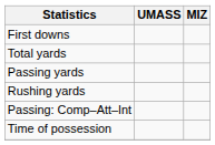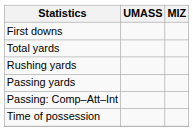 <table class="wikitable" style="float: left;">
 <tr>
 <th>Statistics</th>
 <th>UMASS</th>
 <th>MIZ</th>
 </tr>
 <tr>
 <td>First downs</td>
 <td></td>
 <td></td>
 </tr>
 <tr>
 <td>Total yards</td>
 <td></td>
 <td></td>
 </tr>
 <tr>
-<td>Passing yards</td>
+<td>Rushing yards</td>
 <td></td>
 <td></td>
 </tr>
 <tr>
-<td>Rushing yards</td>
+<td>Passing yards</td>
 <td></td>
 <td></td>
 </tr>
 <tr>
 <td>Passing: Comp–Att–Int</td>
 <td></td>
 <td></td>
 </tr>
 <tr>
 <td>Time of possession</td>
 <td></td>
 <td></td>
 </tr>
 <tr>
 </tr>
 </table>
